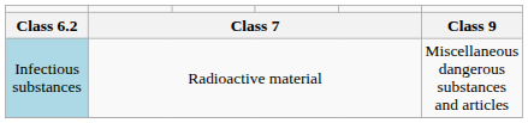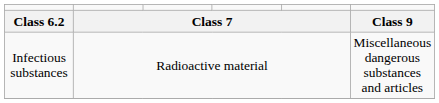 <table class="wikitable">
 <tr>
 <td width=75px></td>
 <td width=75px></td>
 <td width=75px></td>
 <td width=75px></td>
 <td width=75px></td>
 <td width=75px></td>
 </tr>
 <tr>
 <th>Class 6.2</th>
 <th colspan=4>Class 7</th>
 <th>Class 9</th>
 </tr>
 <tr>
-<td align=center style="background: lightblue;">Infectious substances</td>
+<td align=center>Infectious substances</td>
 <td colspan=4 align=center>Radioactive material</td>
 <td align=center>Miscellaneous dangerous substances and articles</td>
 </tr>
 <tr>
 </tr>
 </table>
